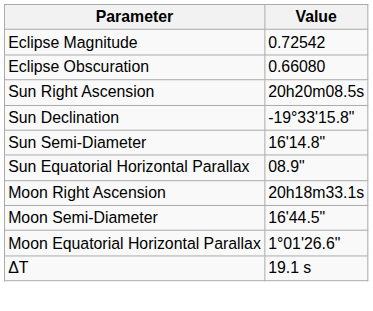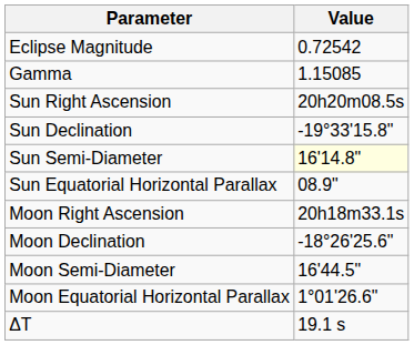 <table class="wikitable">
 <tr>
 <th>Parameter</th>
 <th>Value</th>
 </tr>
 <tr>
 <td>Eclipse Magnitude</td>
 <td>0.72542</td>
 </tr>
 <tr>
-<td>Eclipse Obscuration</td>
-<td>0.66080</td>
+<td>Gamma</td>
+<td>1.15085</td>
 </tr>
 <tr>
 <td>Sun Right Ascension</td>
 <td>20h20m08.5s</td>
 </tr>
 <tr>
 <td>Sun Declination</td>
 <td>-19°33'15.8"</td>
 </tr>
 <tr>
 <td>Sun Semi-Diameter</td>
-<td>16'14.8"</td>
+<td style="background: lightyellow;">16'14.8"</td>
 </tr>
 <tr>
 <td>Sun Equatorial Horizontal Parallax</td>
 <td>08.9"</td>
 </tr>
 <tr>
 <td>Moon Right Ascension</td>
 <td>20h18m33.1s</td>
+</tr>
+<tr>
+<td>Moon Declination</td>
+<td>-18°26'25.6"</td>
 </tr>
 <tr>
 <td>Moon Semi-Diameter</td>
 <td>16'44.5"</td>
 </tr>
 <tr>
 <td>Moon Equatorial Horizontal Parallax</td>
 <td>1°01'26.6"</td>
 </tr>
 <tr>
 <td>ΔT</td>
 <td>19.1 s</td>
 </tr>
 </table>
